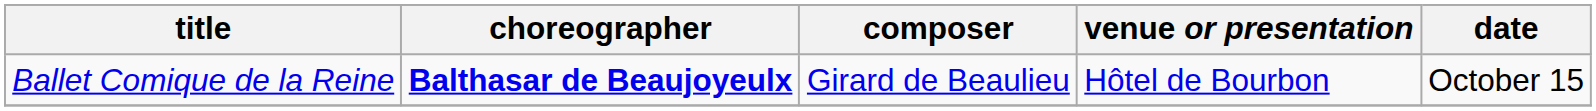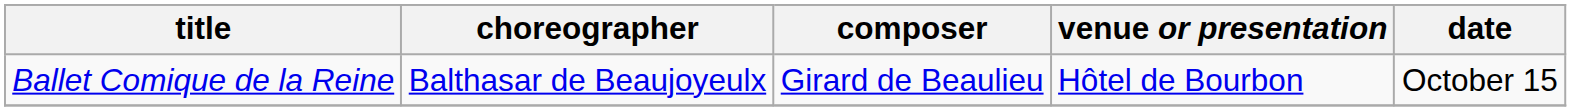 <table class="wikitable sortable">
 <tr>
 <th>title</th>
 <th>choreographer</th>
 <th>composer</th>
 <th>venue <em>or presentation</em></th>
 <th>date</th>
 </tr>
 <tr>
 <td><em><a href='#'>Ballet Comique de la Reine</a></em></td>
-<td><strong><a href='#'>Balthasar de Beaujoyeulx</a></strong></td>
+<td><a href='#'>Balthasar de Beaujoyeulx</a></td>
 <td><a href='#'>Girard de Beaulieu</a></td>
 <td><a href='#'>Hôtel de Bourbon</a></td>
 <td>October 15</td>
 </tr>
 <tr>
 </tr>
 </table>
